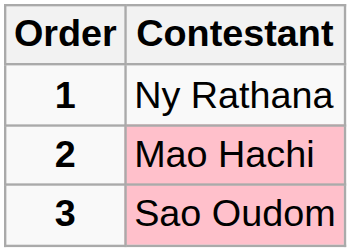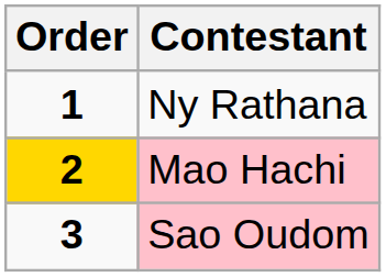 <table class="wikitable">
 <tr>
 <th>Order</th>
 <th>Contestant</th>
 </tr>
 <tr>
 <td align="center"><strong>1</strong></td>
 <td>Ny Rathana</td>
 </tr>
 <tr>
-<td align="center"><strong>2</strong></td>
+<td align="center" style="background: gold;"><strong>2</strong></td>
 <td style="background:pink">Mao Hachi</td>
 </tr>
 <tr>
 <td align="center"><strong>3</strong></td>
 <td style="background:pink">Sao Oudom</td>
 </tr>
 </table>
